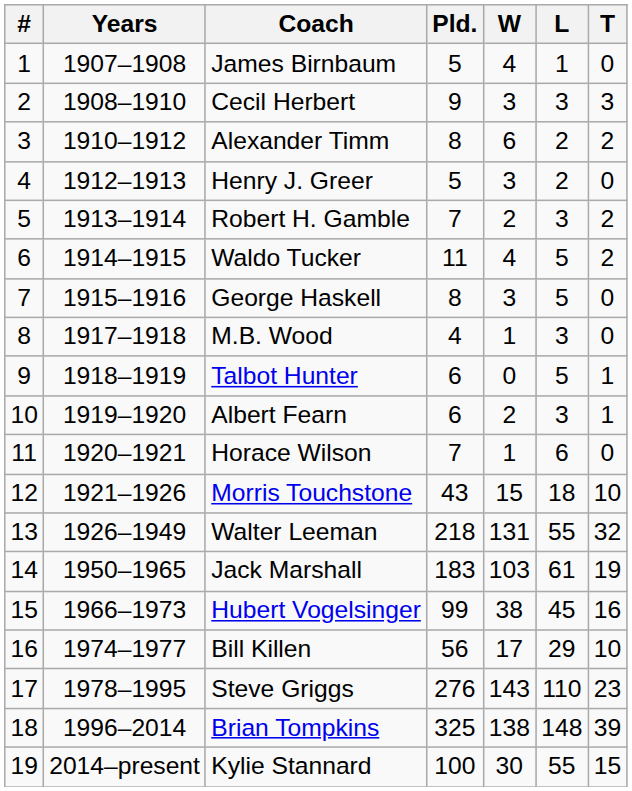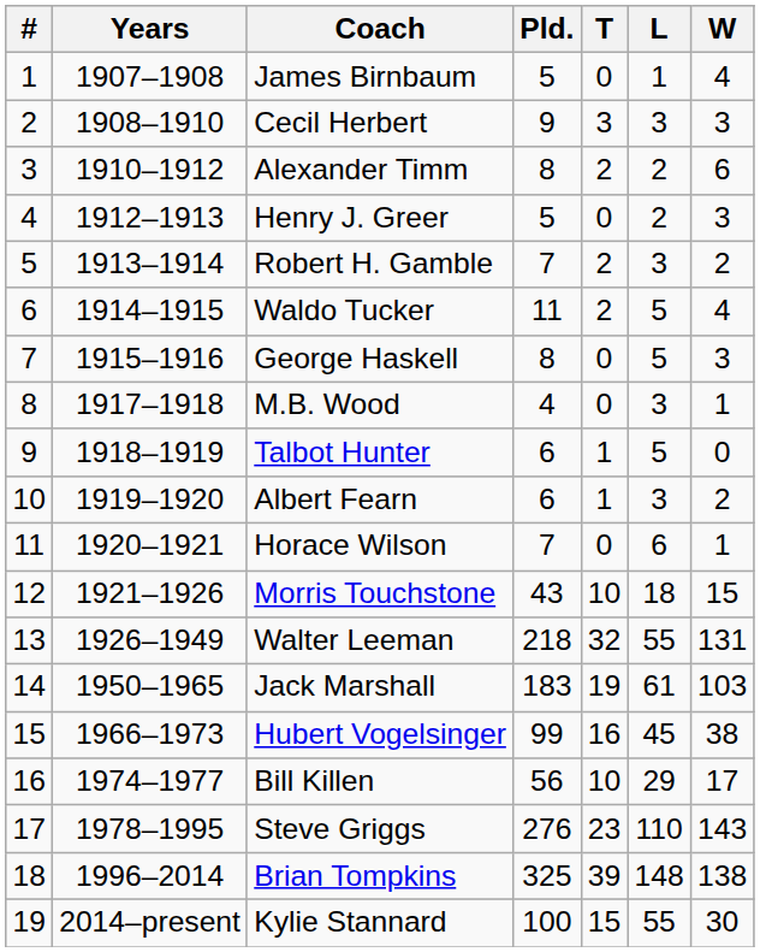 <table class="wikitable" style="text-align:center">
 <tr>
 <th>#</th>
 <th>Years</th>
 <th>Coach</th>
 <th>Pld.</th>
+<th>T</th>
+<th>L</th>
 <th>W</th>
-<th>L</th>
-<th>T</th>
 </tr>
 <tr>
 <td>1</td>
 <td>1907–1908</td>
 <td align=left>James Birnbaum</td>
 <td>5</td>
+<td>0</td>
+<td>1</td>
 <td>4</td>
-<td>1</td>
-<td>0</td>
 </tr>
 <tr>
 <td>2</td>
 <td>1908–1910</td>
 <td align=left>Cecil Herbert</td>
 <td>9</td>
 <td>3</td>
 <td>3</td>
 <td>3</td>
 </tr>
 <tr>
 <td>3</td>
 <td>1910–1912</td>
 <td align=left>Alexander Timm</td>
 <td>8</td>
-<td>6</td>
 <td>2</td>
 <td>2</td>
+<td>6</td>
 </tr>
 <tr>
 <td>4</td>
 <td>1912–1913</td>
 <td align=left>Henry J. Greer</td>
 <td>5</td>
+<td>0</td>
+<td>2</td>
 <td>3</td>
-<td>2</td>
-<td>0</td>
 </tr>
 <tr>
 <td>5</td>
 <td>1913–1914</td>
 <td align=left>Robert H. Gamble</td>
 <td>7</td>
 <td>2</td>
 <td>3</td>
 <td>2</td>
 </tr>
 <tr>
 <td>6</td>
 <td>1914–1915</td>
 <td align=left>Waldo Tucker</td>
 <td>11</td>
+<td>2</td>
+<td>5</td>
 <td>4</td>
-<td>5</td>
-<td>2</td>
 </tr>
 <tr>
 <td>7</td>
 <td>1915–1916</td>
 <td align=left>George Haskell</td>
 <td>8</td>
+<td>0</td>
+<td>5</td>
 <td>3</td>
-<td>5</td>
-<td>0</td>
 </tr>
 <tr>
 <td>8</td>
 <td>1917–1918</td>
 <td align=left>M.B. Wood</td>
 <td>4</td>
+<td>0</td>
+<td>3</td>
 <td>1</td>
-<td>3</td>
-<td>0</td>
 </tr>
 <tr>
 <td>9</td>
 <td>1918–1919</td>
 <td align=left><a href='#'>Talbot Hunter</a></td>
 <td>6</td>
+<td>1</td>
+<td>5</td>
 <td>0</td>
-<td>5</td>
-<td>1</td>
 </tr>
 <tr>
 <td>10</td>
 <td>1919–1920</td>
 <td align=left>Albert Fearn</td>
 <td>6</td>
+<td>1</td>
+<td>3</td>
 <td>2</td>
-<td>3</td>
-<td>1</td>
 </tr>
 <tr>
 <td>11</td>
 <td>1920–1921</td>
 <td align=left>Horace Wilson</td>
 <td>7</td>
+<td>0</td>
+<td>6</td>
 <td>1</td>
-<td>6</td>
-<td>0</td>
 </tr>
 <tr>
 <td>12</td>
 <td>1921–1926</td>
 <td align=left><a href='#'>Morris Touchstone</a></td>
 <td>43</td>
+<td>10</td>
+<td>18</td>
 <td>15</td>
-<td>18</td>
-<td>10</td>
 </tr>
 <tr>
 <td>13</td>
 <td>1926–1949</td>
 <td align=left>Walter Leeman</td>
 <td>218</td>
+<td>32</td>
+<td>55</td>
 <td>131</td>
-<td>55</td>
-<td>32</td>
 </tr>
 <tr>
 <td>14</td>
 <td>1950–1965</td>
 <td align=left>Jack Marshall</td>
 <td>183</td>
+<td>19</td>
+<td>61</td>
 <td>103</td>
-<td>61</td>
-<td>19</td>
 </tr>
 <tr>
 <td>15</td>
 <td>1966–1973</td>
 <td align=left><a href='#'>Hubert Vogelsinger</a></td>
 <td>99</td>
+<td>16</td>
+<td>45</td>
 <td>38</td>
-<td>45</td>
-<td>16</td>
 </tr>
 <tr>
 <td>16</td>
 <td>1974–1977</td>
 <td align=left>Bill Killen</td>
 <td>56</td>
+<td>10</td>
+<td>29</td>
 <td>17</td>
-<td>29</td>
-<td>10</td>
 </tr>
 <tr>
 <td>17</td>
 <td>1978–1995</td>
 <td align=left>Steve Griggs</td>
 <td>276</td>
+<td>23</td>
+<td>110</td>
 <td>143</td>
-<td>110</td>
-<td>23</td>
 </tr>
 <tr>
 <td>18</td>
 <td>1996–2014</td>
 <td align=left><a href='#'>Brian Tompkins</a></td>
 <td>325</td>
+<td>39</td>
+<td>148</td>
 <td>138</td>
-<td>148</td>
-<td>39</td>
 </tr>
 <tr>
 <td>19</td>
 <td>2014–present</td>
 <td align=left>Kylie Stannard</td>
 <td>100</td>
+<td>15</td>
+<td>55</td>
 <td>30</td>
-<td>55</td>
-<td>15</td>
 </tr>
 </table>
